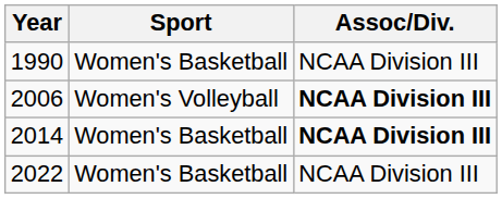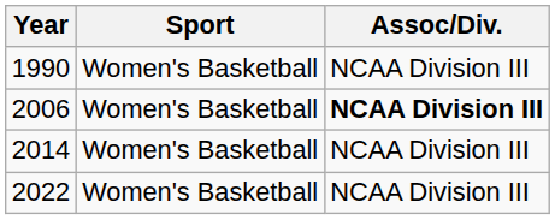 <table class="wikitable"; style= "text-align: ">
 <tr>
 <th>Year</th>
 <th>Sport</th>
 <th>Assoc/Div.</th>
 </tr>
 <tr>
 <td>1990</td>
 <td>Women's Basketball</td>
 <td>NCAA Division III</td>
 </tr>
 <tr>
 <td>2006</td>
-<td>Women's Volleyball</td>
+<td>Women's Basketball</td>
 <td><strong>NCAA Division III</strong></td>
 </tr>
 <tr>
 <td>2014</td>
 <td>Women's Basketball</td>
-<td><strong>NCAA Division III</strong></td>
+<td>NCAA Division III</td>
 </tr>
 <tr>
 <td>2022</td>
 <td>Women's Basketball</td>
 <td>NCAA Division III</td>
 </tr>
 </table>
